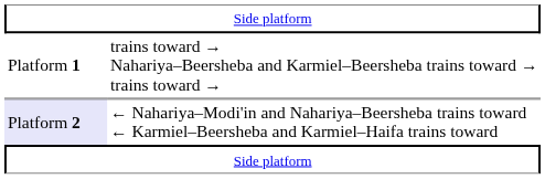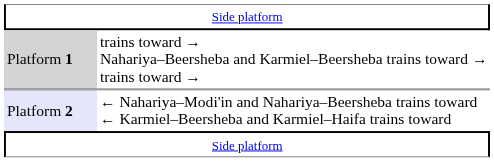 <table border=0 cellspacing=0 cellpadding=3>
 <tr>
 <td style="border-top:solid 1px gray;border-right:solid 2px black;border-left:solid 2px black;border-bottom:solid 2px black;text-align:center;" colspan=2><small><a href='#'>Side platform</a></small></td>
 </tr>
 <tr>
-<td style="border-bottom:solid 1px gray;" width=90>Platform <strong>1</strong></td>
+<td style="background: lightgrey; border-bottom:solid 1px gray;" width=90>Platform <strong>1</strong></td>
 <td style="border-bottom:solid 1px gray;">  trains toward   →<br>   Nahariya–Beersheba and Karmiel–Beersheba trains toward   →<br>  trains toward   →</td>
 </tr>
 <tr>
 <td style="background: lavender; border-top:solid 1px gray;">Platform <strong>2</strong></td>
 <td style="border-top:solid 1px gray;">←   Nahariya–Modi'in and Nahariya–Beersheba trains toward  <br>←   Karmiel–Beersheba and Karmiel–Haifa trains toward  </td>
 </tr>
 <tr>
 <td style="border-top:solid 2px black;border-right:solid 2px black;border-left:solid 2px black;border-bottom:solid 1px gray;text-align:center;" colspan=2><small><a href='#'>Side platform</a></small></td>
 </tr>
 </table>
